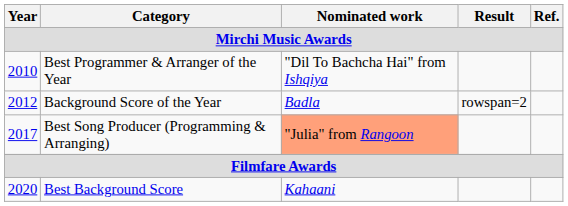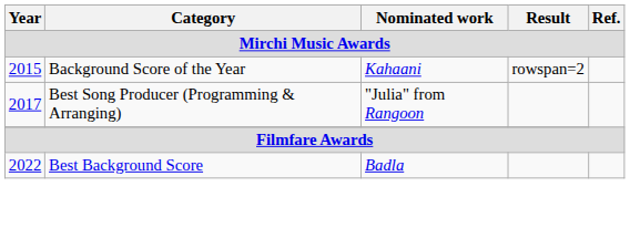 <table class="wikitable sortable">
 <tr>
 <th>Year</th>
 <th>Category</th>
 <th>Nominated work</th>
 <th>Result</th>
 <th>Ref.</th>
 </tr>
 <tr style="background:#ddd; ">
 <td colspan="5" style="text-align: center; "><strong><a href='#'>Mirchi Music Awards</a></strong></td>
 </tr>
 <tr>
-<td><a href='#'>2010</a></td>
-<td>Best Programmer & Arranger of the Year</td>
-<td>"Dil To Bachcha Hai" from <em><a href='#'>Ishqiya</a></em></td>
-<td></td>
-<td></td>
-</tr>
-<tr>
-<td><a href='#'>2012</a></td>
+<td><a href='#'>2015</a></td>
 <td>Background Score of the Year</td>
-<td><em><a href='#'>Badla</a></em></td>
+<td><em><a href='#'>Kahaani</a></em></td>
 <td>rowspan=2 </td>
 <td></td>
 </tr>
 <tr>
 <td><a href='#'>2017</a></td>
 <td>Best Song Producer (Programming & Arranging)</td>
-<td style="background: lightsalmon;">"Julia" from <em><a href='#'>Rangoon</a></em></td>
+<td>"Julia" from <em><a href='#'>Rangoon</a></em></td>
 <td></td>
 </tr>
 <tr>
 </tr>
 <tr style="background:#ddd; ">
 <td colspan="5" style="text-align: center; "><strong><a href='#'>Filmfare Awards</a></strong></td>
 </tr>
 <tr>
-<td><a href='#'>2020</a></td>
+<td><a href='#'>2022</a></td>
 <td><a href='#'>Best Background Score</a></td>
-<td><em><a href='#'>Kahaani</a></em></td>
+<td><em><a href='#'>Badla</a></em></td>
 <td></td>
 <td></td>
 </tr>
 </table>
